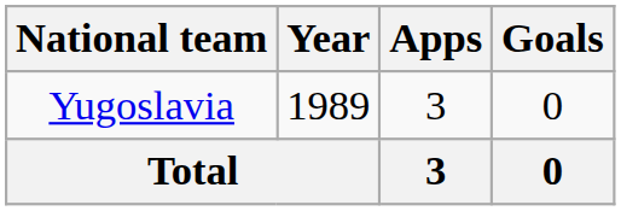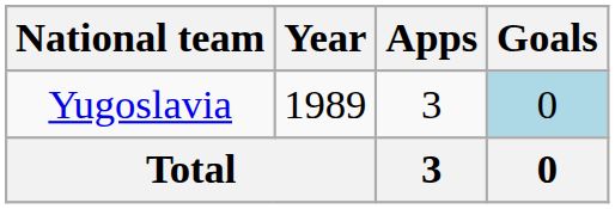 <table class="wikitable" style="text-align:center">
 <tr>
 <th>National team</th>
 <th>Year</th>
 <th>Apps</th>
 <th>Goals</th>
 </tr>
 <tr>
 <td><a href='#'>Yugoslavia</a></td>
 <td>1989</td>
 <td>3</td>
-<td>0</td>
+<td style="background: lightblue;">0</td>
 </tr>
 <tr>
 <th colspan="2">Total</th>
 <th>3</th>
 <th>0</th>
 </tr>
 </table>
